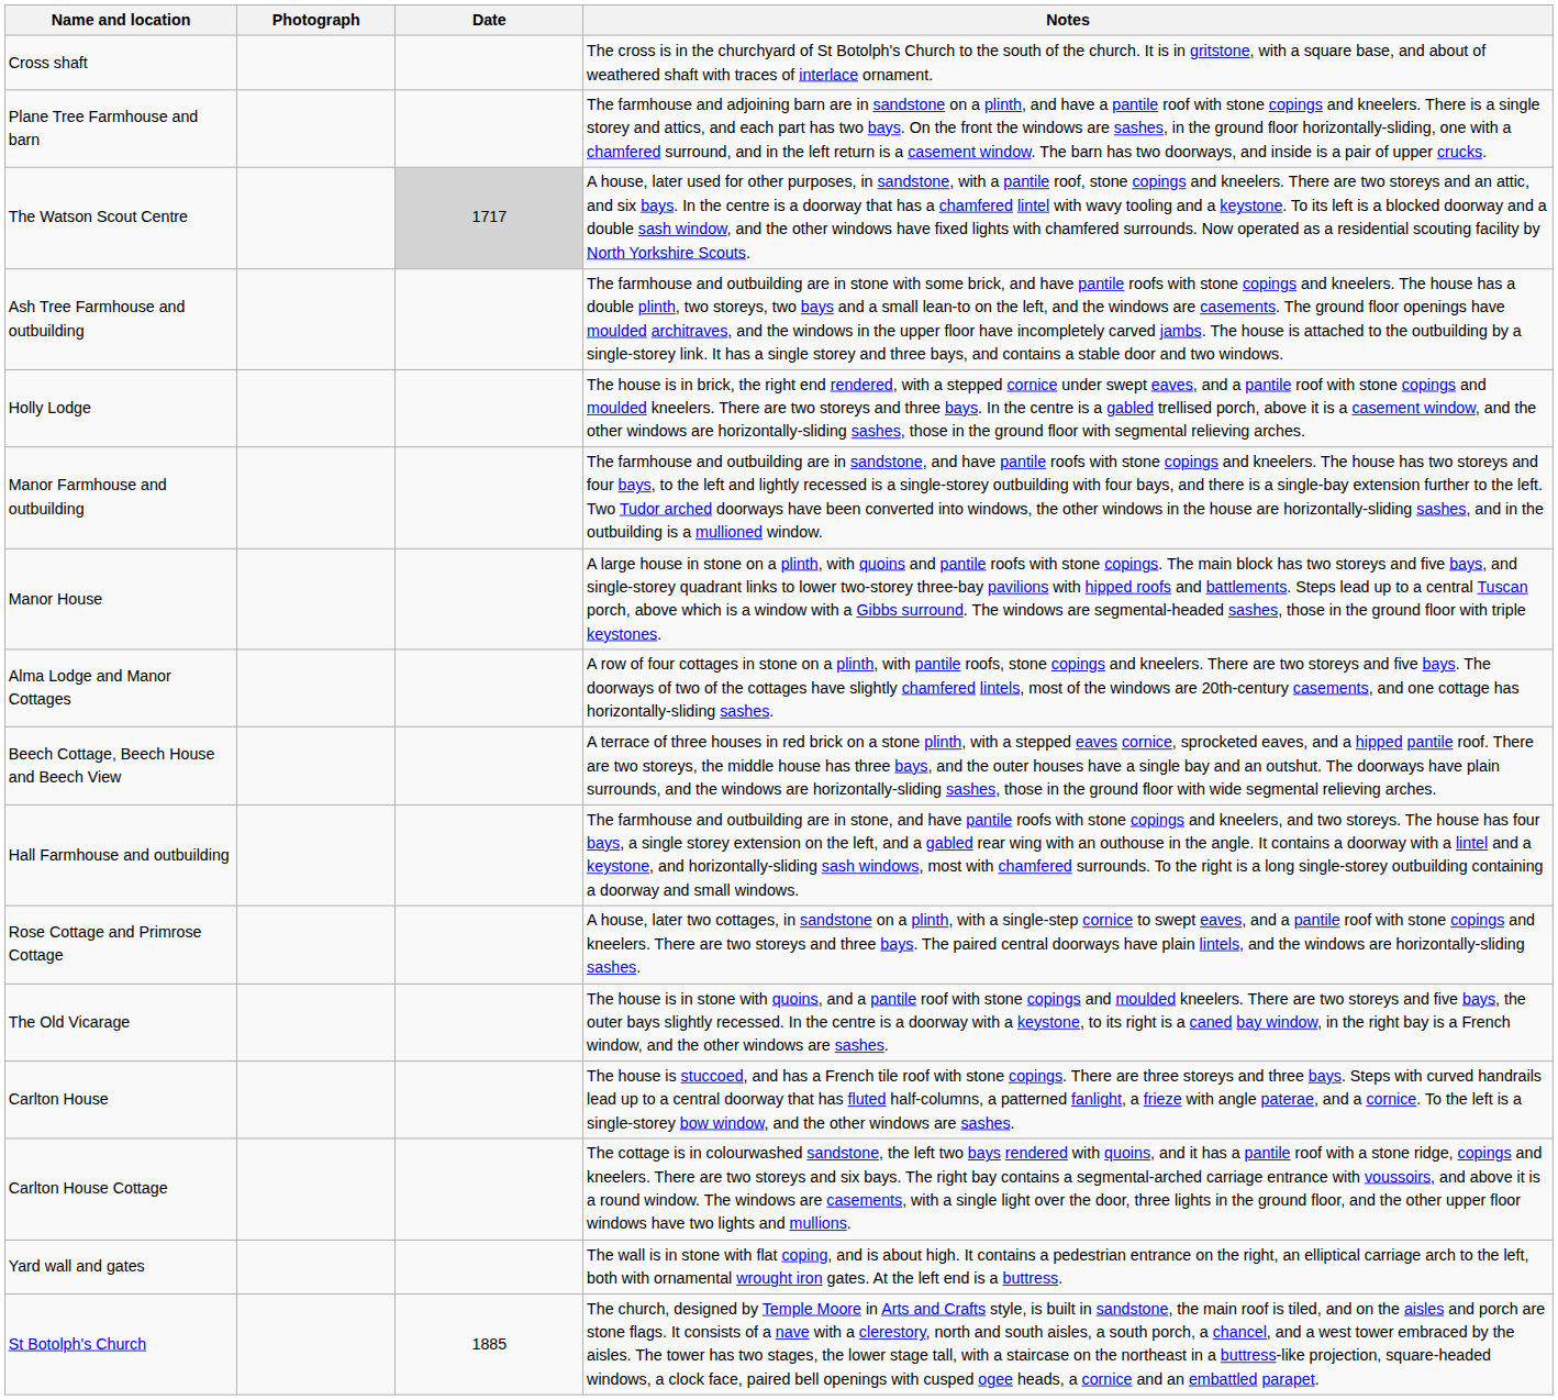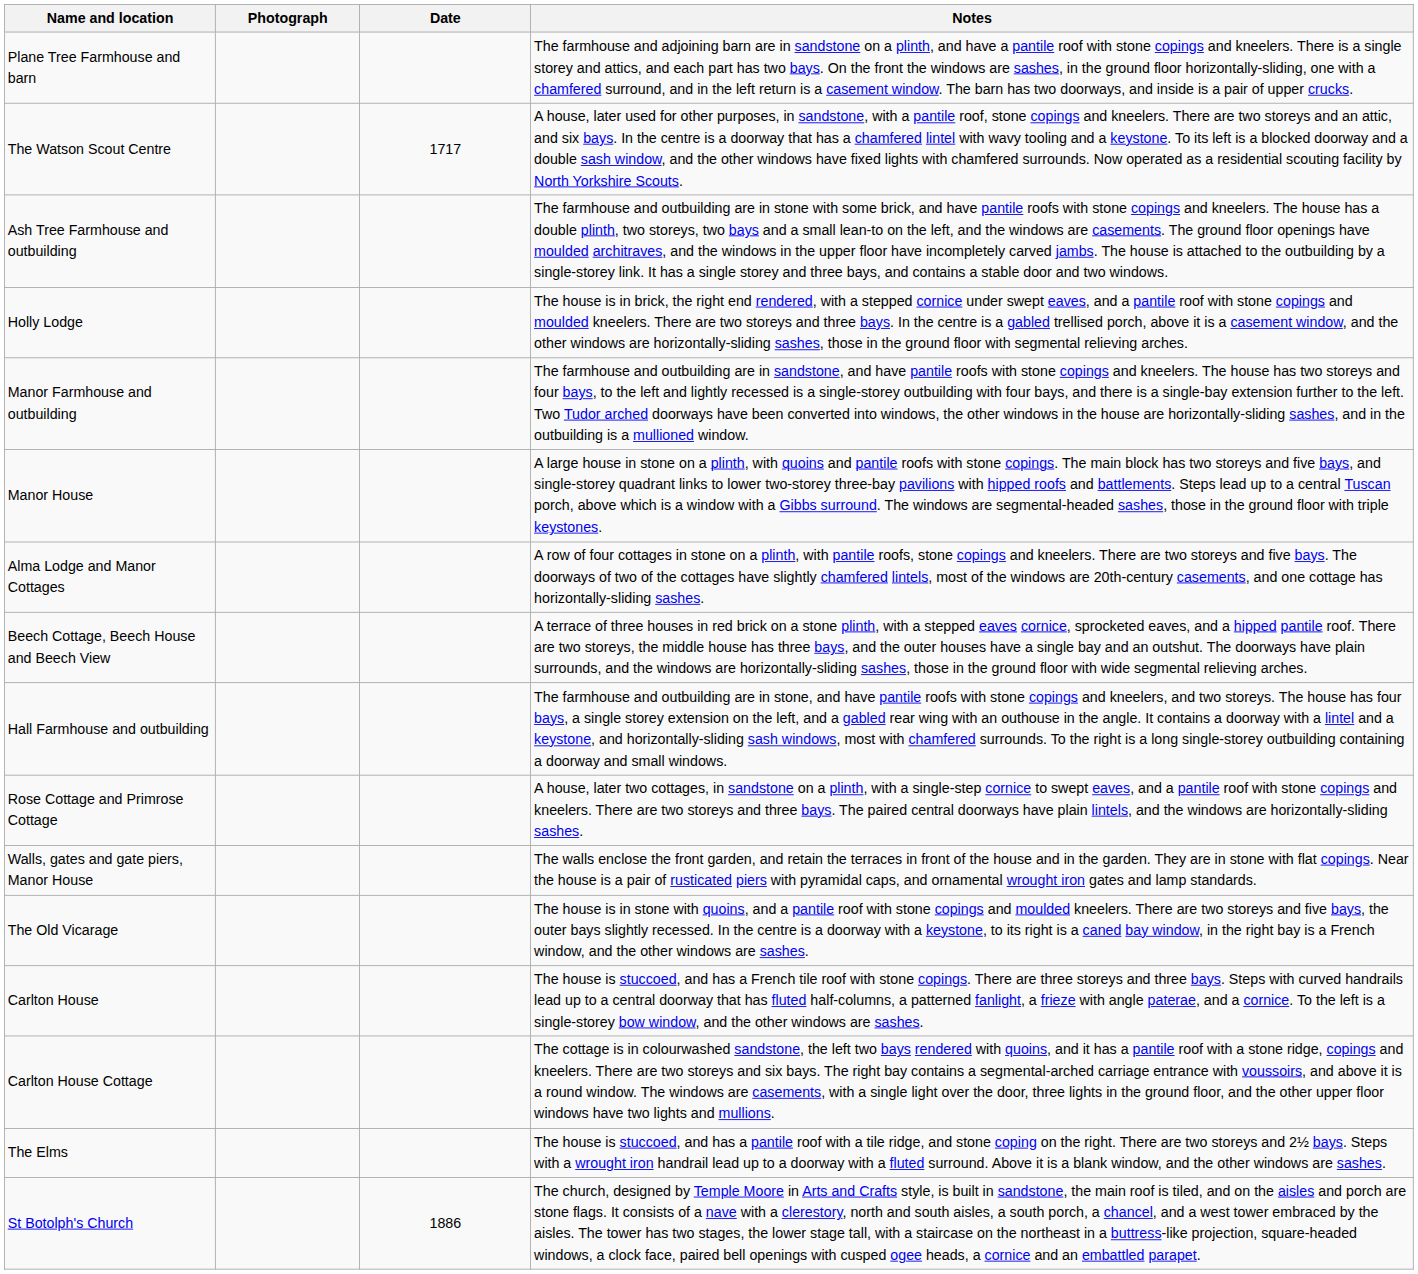 <table class="wikitable sortable plainrowheaders" style="width:100%;border:0px;text-align:left;line-height:150%;">
 <tr>
 <th scope="col"  style="width:150px">Name and location</th>
 <th scope="col"  style="width:100px" class="unsortable">Photograph</th>
 <th scope="col"  style="width:120px">Date</th>
 <th scope="col"  style="width:650px" class="unsortable">Notes</th>
-</tr>
-<tr>
-<td>Cross shaft<br><small></small></td>
-<td></td>
-<td align="center"></td>
-<td>The cross is in the churchyard of St Botolph's Church to the south of the church. It is in <a href='#'>gritstone</a>, with a square base, and about  of weathered shaft with traces of <a href='#'>interlace</a> ornament.</td>
 </tr>
 <tr>
 <td>Plane Tree Farmhouse and barn<br><small></small></td>
 <td></td>
 <td align="center"></td>
 <td>The farmhouse and adjoining barn are in <a href='#'>sandstone</a> on a <a href='#'>plinth</a>, and have a <a href='#'>pantile</a> roof with stone <a href='#'>copings</a> and kneelers. There is a single storey and attics, and each part has two <a href='#'>bays</a>. On the front the windows are <a href='#'>sashes</a>, in the ground floor horizontally-sliding, one with a <a href='#'>chamfered</a> surround, and in the left return is a <a href='#'>casement window</a>. The barn has two doorways, and inside is a pair of upper <a href='#'>crucks</a>.</td>
 </tr>
 <tr>
 <td>The Watson Scout Centre<br><small></small></td>
 <td></td>
-<td align="center" style="background: lightgrey;">1717</td>
+<td align="center">1717</td>
 <td>A house, later used for other purposes, in <a href='#'>sandstone</a>, with a <a href='#'>pantile</a> roof, stone <a href='#'>copings</a> and kneelers. There are two storeys and an attic, and six <a href='#'>bays</a>.  In the centre is a doorway that has a <a href='#'>chamfered</a> <a href='#'>lintel</a> with wavy tooling and a <a href='#'>keystone</a>.  To its left is a blocked doorway and a double <a href='#'>sash window</a>, and the other windows have fixed lights with chamfered surrounds. Now operated as a residential scouting facility by <a href='#'>North Yorkshire Scouts</a>.</td>
 </tr>
 <tr>
 <td>Ash Tree Farmhouse and outbuilding<br><small></small></td>
 <td></td>
 <td align="center"></td>
 <td>The farmhouse and outbuilding are in stone with some brick, and have <a href='#'>pantile</a> roofs with stone <a href='#'>copings</a> and kneelers.  The house has a double <a href='#'>plinth</a>, two storeys, two <a href='#'>bays</a> and a small lean-to on the left, and the windows are <a href='#'>casements</a>.  The ground floor openings have <a href='#'>moulded</a> <a href='#'>architraves</a>, and the windows in the upper floor have incompletely carved <a href='#'>jambs</a>.  The house is attached to the outbuilding by a single-storey link.  It has a single storey and three bays, and contains a stable door and two windows.</td>
 </tr>
 <tr>
 <td>Holly Lodge<br><small></small></td>
 <td></td>
 <td align="center"></td>
 <td>The house is in brick, the right end <a href='#'>rendered</a>, with a stepped <a href='#'>cornice</a> under swept <a href='#'>eaves</a>, and a <a href='#'>pantile</a> roof with stone <a href='#'>copings</a> and <a href='#'>moulded</a> kneelers.  There are two storeys and three <a href='#'>bays</a>.  In the centre is a <a href='#'>gabled</a> trellised porch, above it is a <a href='#'>casement window</a>, and the other windows are horizontally-sliding <a href='#'>sashes</a>, those in the ground floor with segmental relieving arches.</td>
 </tr>
 <tr>
 <td>Manor Farmhouse and outbuilding<br><small></small></td>
 <td></td>
 <td align="center"></td>
 <td>The farmhouse and outbuilding are in  <a href='#'>sandstone</a>, and have <a href='#'>pantile</a> roofs with stone <a href='#'>copings</a> and kneelers.  The house has two storeys and four <a href='#'>bays</a>, to the left and lightly recessed is a single-storey outbuilding with four bays, and there is a single-bay extension further to the left.  Two <a href='#'>Tudor arched</a> doorways have been converted into windows, the other windows in the house are horizontally-sliding <a href='#'>sashes</a>, and in the outbuilding is a <a href='#'>mullioned</a> window.</td>
 </tr>
 <tr>
 <td>Manor House<br><small></small></td>
 <td></td>
 <td align="center"></td>
 <td>A large house in stone on a <a href='#'>plinth</a>, with <a href='#'>quoins</a> and <a href='#'>pantile</a> roofs with stone <a href='#'>copings</a>.  The main block has two storeys and five <a href='#'>bays</a>, and single-storey quadrant links to lower two-storey three-bay <a href='#'>pavilions</a> with <a href='#'>hipped roofs</a> and <a href='#'>battlements</a>.  Steps lead up to a central <a href='#'>Tuscan</a> porch, above which is a window with a <a href='#'>Gibbs surround</a>. The windows are segmental-headed <a href='#'>sashes</a>, those in the ground floor with triple <a href='#'>keystones</a>.</td>
 </tr>
 <tr>
 <td>Alma Lodge and Manor Cottages<br><small></small></td>
 <td></td>
 <td align="center"></td>
 <td>A row of four cottages in stone on a <a href='#'>plinth</a>, with <a href='#'>pantile</a> roofs, stone <a href='#'>copings</a> and kneelers.  There are two storeys and five <a href='#'>bays</a>.  The doorways of two of the cottages have slightly <a href='#'>chamfered</a> <a href='#'>lintels</a>, most of the windows are 20th-century <a href='#'>casements</a>, and one cottage has horizontally-sliding <a href='#'>sashes</a>.</td>
 </tr>
 <tr>
 <td>Beech Cottage, Beech House and Beech View<br><small></small></td>
 <td></td>
 <td align="center"></td>
 <td>A terrace of three houses in red brick on a stone <a href='#'>plinth</a>, with a stepped <a href='#'>eaves</a> <a href='#'>cornice</a>, sprocketed eaves, and a <a href='#'>hipped</a> <a href='#'>pantile</a> roof.  There are two storeys, the middle house has three <a href='#'>bays</a>, and the outer houses have a single bay and an outshut.  The doorways have plain surrounds, and the windows are horizontally-sliding <a href='#'>sashes</a>, those in the ground floor with wide segmental relieving arches.</td>
 </tr>
 <tr>
 <td>Hall Farmhouse and outbuilding<br><small></small></td>
 <td></td>
 <td align="center"></td>
 <td>The farmhouse and outbuilding are in stone, and have <a href='#'>pantile</a> roofs with stone <a href='#'>copings</a> and kneelers, and two storeys.  The house has four <a href='#'>bays</a>, a single storey extension on the left, and a <a href='#'>gabled</a> rear wing with an outhouse in the angle.  It contains a doorway with a <a href='#'>lintel</a> and a <a href='#'>keystone</a>, and horizontally-sliding <a href='#'>sash windows</a>, most with <a href='#'>chamfered</a> surrounds.  To the right is a long single-storey outbuilding containing a doorway and small windows.</td>
 </tr>
 <tr>
 <td>Rose Cottage and Primrose Cottage<br><small></small></td>
 <td></td>
 <td align="center"></td>
 <td>A house, later two cottages, in <a href='#'>sandstone</a> on a <a href='#'>plinth</a>, with a single-step <a href='#'>cornice</a> to swept <a href='#'>eaves</a>, and a <a href='#'>pantile</a> roof with stone <a href='#'>copings</a> and kneelers.  There are two storeys and three <a href='#'>bays</a>.  The paired central doorways have plain <a href='#'>lintels</a>, and the windows are horizontally-sliding <a href='#'>sashes</a>.</td>
 </tr>
 <tr>
+<td>Walls, gates and gate piers, Manor House<br><small></small></td>
+<td></td>
+<td align="center"></td>
+<td>The walls enclose the front garden, and retain the terraces in front of the house and in the garden.  They are in stone with flat <a href='#'>copings</a>.  Near the house is a pair of <a href='#'>rusticated</a> <a href='#'>piers</a> with pyramidal caps, and ornamental <a href='#'>wrought iron</a> gates and lamp standards.</td>
+</tr>
+<tr>
 <td>The Old Vicarage<br><small></small></td>
 <td></td>
 <td align="center"></td>
 <td>The house is in stone with <a href='#'>quoins</a>, and a <a href='#'>pantile</a> roof with stone <a href='#'>copings</a> and <a href='#'>moulded</a> kneelers.  There are two storeys and five <a href='#'>bays</a>, the outer bays slightly recessed.  In the centre is a doorway with a <a href='#'>keystone</a>, to its right is a <a href='#'>caned</a> <a href='#'>bay window</a>, in the right bay is a French window, and the other windows are <a href='#'>sashes</a>.</td>
 </tr>
 <tr>
 <td>Carlton House<br><small></small></td>
 <td></td>
 <td align="center"></td>
 <td>The house is <a href='#'>stuccoed</a>, and has a French tile roof with stone <a href='#'>copings</a>.  There are three storeys and three <a href='#'>bays</a>.  Steps with curved handrails lead up to a central doorway that has <a href='#'>fluted</a> half-columns, a patterned <a href='#'>fanlight</a>, a <a href='#'>frieze</a> with angle <a href='#'>paterae</a>, and a <a href='#'>cornice</a>.  To the left is a single-storey <a href='#'>bow window</a>, and the other windows are <a href='#'>sashes</a>.</td>
 </tr>
 <tr>
 <td>Carlton House Cottage<br><small></small></td>
 <td></td>
 <td align="center"></td>
 <td>The cottage is in colourwashed <a href='#'>sandstone</a>, the left two <a href='#'>bays</a> <a href='#'>rendered</a> with <a href='#'>quoins</a>, and it has a <a href='#'>pantile</a> roof with a stone ridge, <a href='#'>copings</a> and kneelers.  There are two storeys and six bays.  The right bay contains a segmental-arched carriage entrance with <a href='#'>voussoirs</a>, and above it is a round window.  The windows are <a href='#'>casements</a>, with a single light over the door, three lights in the ground floor, and the other upper floor windows have two lights and <a href='#'>mullions</a>.</td>
 </tr>
 <tr>
-<td>Yard wall and gates<br><small></small></td>
+<td>The Elms<br><small></small></td>
 <td></td>
 <td align="center"></td>
-<td>The wall is in stone with flat <a href='#'>coping</a>, and is about  high.  It contains a pedestrian entrance on the right, an elliptical carriage arch to the left, both with ornamental <a href='#'>wrought iron</a> gates.  At the left end is a <a href='#'>buttress</a>.</td>
+<td>The house is <a href='#'>stuccoed</a>, and has a <a href='#'>pantile</a> roof with a tile ridge, and stone <a href='#'>coping</a> on the right.  There are two storeys and 2½ <a href='#'>bays</a>.  Steps with a <a href='#'>wrought iron</a> handrail lead up to a doorway with a <a href='#'>fluted</a> surround.  Above it is a blank window, and the other windows are <a href='#'>sashes</a>.</td>
 </tr>
 <tr>
 <td><a href='#'>St Botolph's Church</a><br><small></small></td>
 <td></td>
-<td align="center">1885</td>
+<td align="center">1886</td>
 <td>The church, designed by <a href='#'>Temple Moore</a> in <a href='#'>Arts and Crafts</a> style, is built in <a href='#'>sandstone</a>, the main roof is tiled, and on the <a href='#'>aisles</a> and porch are stone flags.  It consists of a <a href='#'>nave</a> with a <a href='#'>clerestory</a>, north and south aisles, a south porch, a <a href='#'>chancel</a>, and a west tower embraced by the aisles.  The tower has two stages, the lower stage tall, with a staircase on the northeast in a <a href='#'>buttress</a>-like projection, square-headed windows, a clock face, paired bell openings with cusped <a href='#'>ogee</a> heads, a <a href='#'>cornice</a> and an <a href='#'>embattled</a> <a href='#'>parapet</a>.</td>
 </tr>
 <tr>
 </tr>
 </table>
